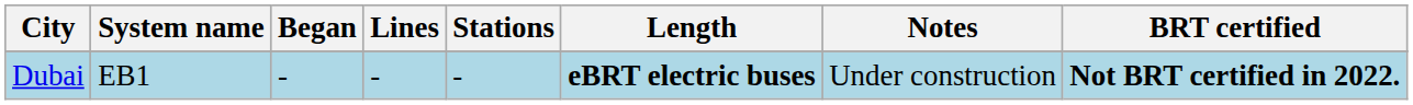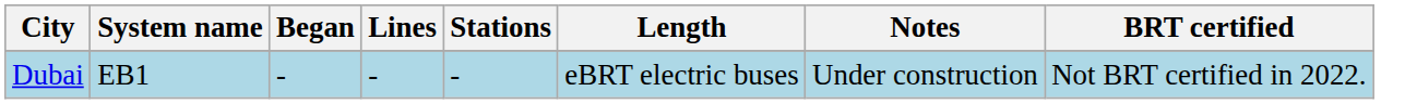 <table class="wikitable">
 <tr>
 <th>City</th>
 <th>System name</th>
 <th>Began</th>
 <th>Lines</th>
 <th>Stations</th>
 <th>Length</th>
 <th>Notes</th>
 <th>BRT certified</th>
 </tr>
 <tr>
 </tr>
 <tr style="background:lightblue;">
 <td><a href='#'>Dubai</a></td>
 <td>EB1</td>
 <td>-</td>
 <td>-</td>
 <td>-</td>
-<td><strong>eBRT electric buses</strong></td>
+<td>eBRT electric buses</td>
 <td>Under construction</td>
-<td><strong>Not BRT certified in 2022.</strong></td>
+<td>Not BRT certified in 2022.</td>
 </tr>
 </table>
